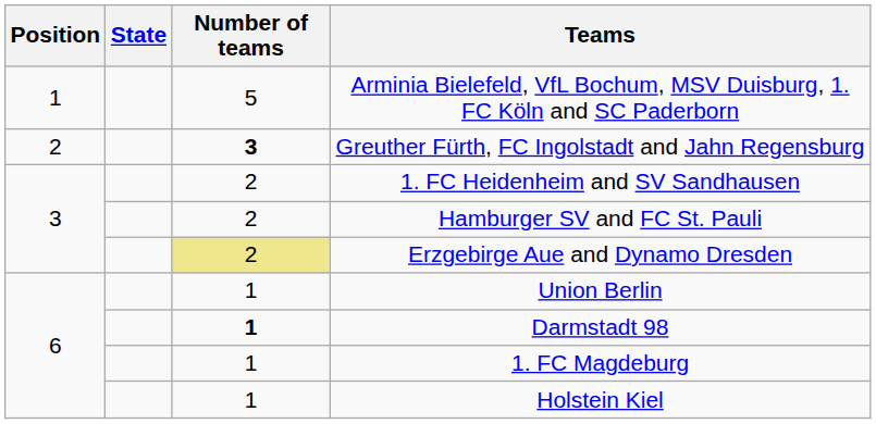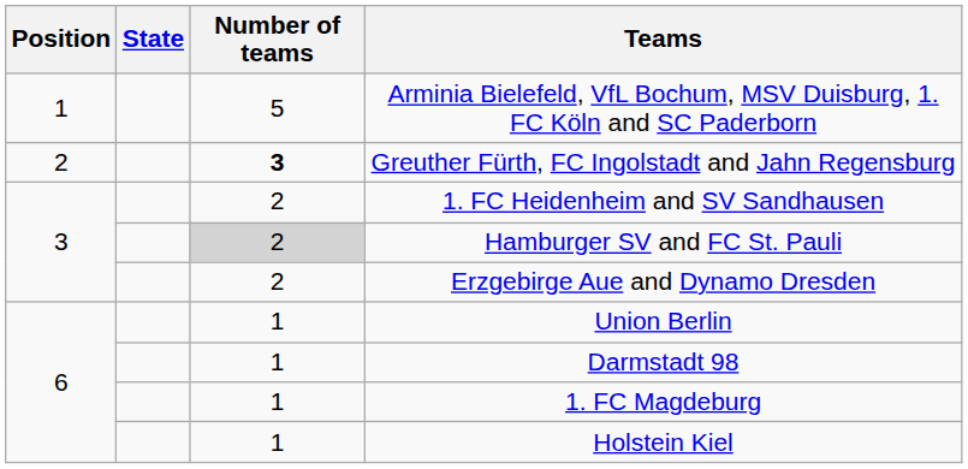 <table class="wikitable">
 <tr>
 <th>Position</th>
 <th><a href='#'>State</a></th>
 <th>Number of teams</th>
 <th>Teams</th>
 </tr>
 <tr>
 <td align=center>1</td>
 <td></td>
 <td align=center>5</td>
 <td align=center><a href='#'>Arminia Bielefeld</a>, <a href='#'>VfL Bochum</a>, <a href='#'>MSV Duisburg</a>, <a href='#'>1. FC Köln</a> and <a href='#'>SC Paderborn</a></td>
 </tr>
 <tr>
 <td align=center>2</td>
 <td></td>
 <td align=center><strong>3</strong></td>
 <td align=center><a href='#'>Greuther Fürth</a>, <a href='#'>FC Ingolstadt</a> and <a href='#'>Jahn Regensburg</a></td>
 </tr>
 <tr>
 <td align=center rowspan=3>3</td>
 <td></td>
 <td align=center>2</td>
 <td align=center><a href='#'>1. FC Heidenheim</a> and <a href='#'>SV Sandhausen</a></td>
 </tr>
 <tr>
 <td></td>
-<td align=center>2</td>
+<td align=center style="background: lightgrey;">2</td>
 <td align=center><a href='#'>Hamburger SV</a> and <a href='#'>FC St. Pauli</a></td>
 </tr>
 <tr>
 <td></td>
-<td align=center style="background: khaki;">2</td>
+<td align=center>2</td>
 <td align=center><a href='#'>Erzgebirge Aue</a> and <a href='#'>Dynamo Dresden</a></td>
 </tr>
 <tr>
 <td align=center rowspan=4>6</td>
 <td></td>
 <td align=center>1</td>
 <td align=center><a href='#'>Union Berlin</a></td>
 </tr>
 <tr>
 <td></td>
-<td align=center><strong>1</strong></td>
+<td align=center>1</td>
 <td align=center><a href='#'>Darmstadt 98</a></td>
 </tr>
 <tr>
 <td></td>
 <td align=center>1</td>
 <td align=center><a href='#'>1. FC Magdeburg</a></td>
 </tr>
 <tr>
 <td></td>
 <td align=center>1</td>
 <td align=center><a href='#'>Holstein Kiel</a></td>
 </tr>
 </table>
